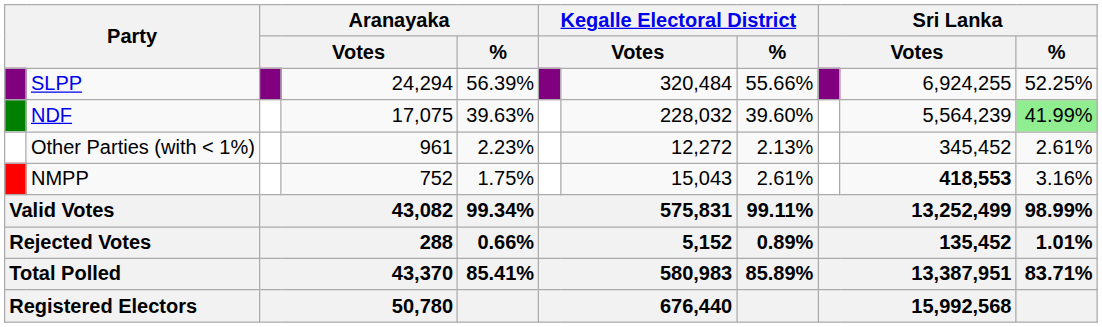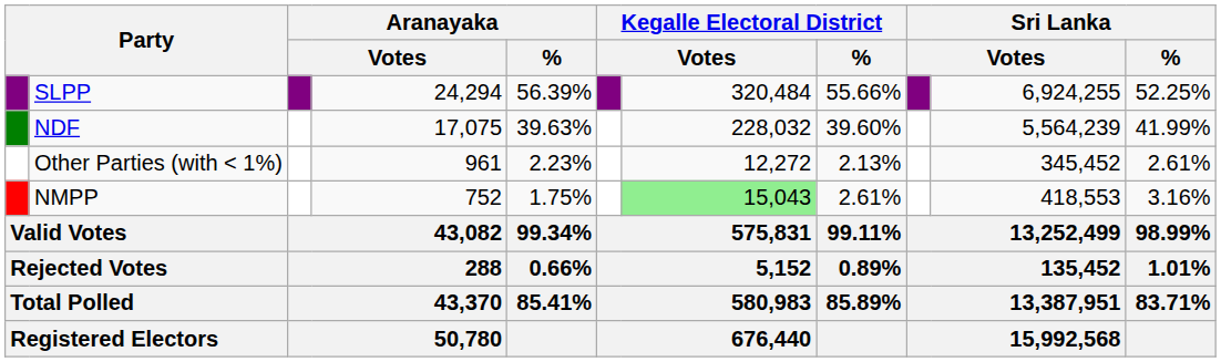 <table class="wikitable">
 <tr>
 <th colspan="2" width="144px"rowspan="2">Party</th>
 <th colspan="3" width="216px">Aranayaka</th>
 <th colspan="3" width="216px"><a href='#'>Kegalle Electoral District</a></th>
 <th colspan="3" width="216px">Sri Lanka</th>
 </tr>
 <tr>
 <th colspan="2" width="144px">Votes</th>
 <th>%</th>
 <th colspan="2" width="144px">Votes</th>
 <th>%</th>
 <th colspan="2" width="144px">Votes</th>
 <th>%</th>
 </tr>
 <tr>
 <td style="background-color:purple;" width="10px"></td>
 <td style="text-align:left;"><a href='#'>SLPP</a></td>
 <td style="background-color:purple;" width="10px"></td>
 <td style="text-align:right;">24,294</td>
 <td style="text-align:right;">56.39%</td>
 <td style="background-color:purple;" width="10px"></td>
 <td style="text-align:right;">320,484</td>
 <td style="text-align:right;">55.66%</td>
 <td style="background-color:purple;" width="10px"></td>
 <td style="text-align:right;">6,924,255</td>
 <td style="text-align:right;">52.25%</td>
 </tr>
 <tr>
 <td style="background-color:green;" width="10px"></td>
 <td style="text-align:left;"><a href='#'>NDF</a></td>
 <td style="background-color:white;" width="10px"></td>
 <td style="text-align:right;">17,075</td>
 <td style="text-align:right;">39.63%</td>
 <td style="background-color:white;" width="10px"></td>
 <td style="text-align:right;">228,032</td>
 <td style="text-align:right;">39.60%</td>
 <td style="background-color:white;" width="10px"></td>
 <td style="text-align:right;">5,564,239</td>
-<td style="background: lightgreen; text-align:right;">41.99%</td>
+<td style="text-align:right;">41.99%</td>
 </tr>
 <tr>
 <td style="background-color:white;" width="10px"></td>
 <td style="text-align:left;">Other Parties (with < 1%)</td>
 <td style="background-color:white;" width="10px"></td>
 <td style="text-align:right;">961</td>
 <td style="text-align:right;">2.23%</td>
 <td style="background-color:white;" width="10px"></td>
 <td style="text-align:right;">12,272</td>
 <td style="text-align:right;">2.13%</td>
 <td style="background-color:white;" width="10px"></td>
 <td style="text-align:right;">345,452</td>
 <td style="text-align:right;">2.61%</td>
 </tr>
 <tr>
 <td style="background-color:red;" width="10px"></td>
 <td style="text-align:left;">NMPP</td>
 <td style="background-color:white;" width="10px"></td>
 <td style="text-align:right;">752</td>
 <td style="text-align:right;">1.75%</td>
 <td style="background-color:white;" width="10px"></td>
-<td style="text-align:right;">15,043</td>
+<td style="background: lightgreen; text-align:right;">15,043</td>
 <td style="text-align:right;">2.61%</td>
 <td style="background-color:white;" width="10px"></td>
-<td style="text-align:right;"><strong>418,553</strong></td>
+<td style="text-align:right;">418,553</td>
 <td style="text-align:right;">3.16%</td>
 </tr>
 <tr>
 <th colspan="2" width="144px"style="text-align:left;">Valid Votes</th>
 <th style="text-align:right;"colspan="2" width="144px">43,082</th>
 <th style="text-align:right;">99.34%</th>
 <th style="text-align:right;"colspan="2" width="144px">575,831</th>
 <th style="text-align:right;">99.11%</th>
 <th style="text-align:right;"colspan="2" width="144px">13,252,499</th>
 <th style="text-align:right;">98.99%</th>
 </tr>
 <tr>
 <th colspan="2" width="144px"style="text-align:left;">Rejected Votes</th>
 <th style="text-align:right;"colspan="2" width="144px">288</th>
 <th style="text-align:right;">0.66%</th>
 <th style="text-align:right;"colspan="2" width="144px">5,152</th>
 <th style="text-align:right;">0.89%</th>
 <th style="text-align:right;"colspan="2" width="144px">135,452</th>
 <th style="text-align:right;">1.01%</th>
 </tr>
 <tr>
 <th colspan="2" width="144px"style="text-align:left;">Total Polled</th>
 <th style="text-align:right;"colspan="2" width="144px">43,370</th>
 <th style="text-align:right;">85.41%</th>
 <th style="text-align:right;"colspan="2" width="144px">580,983</th>
 <th style="text-align:right;">85.89%</th>
 <th style="text-align:right;"colspan="2" width="144px">13,387,951</th>
 <th style="text-align:right;">83.71%</th>
 </tr>
 <tr>
 <th colspan="2" width="144px"style="text-align:left;">Registered Electors</th>
 <th style="text-align:right;"colspan="2" width="144px">50,780</th>
 <th></th>
 <th style="text-align:right;"colspan="2" width="144px">676,440</th>
 <th></th>
 <th style="text-align:right;"colspan="2" width="144px">15,992,568</th>
 <th></th>
 </tr>
 </table>
